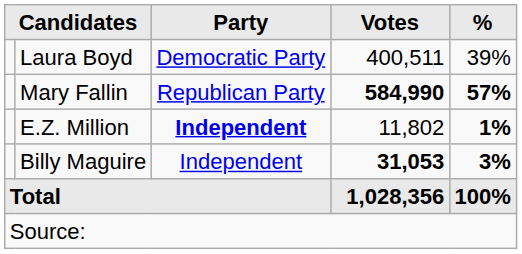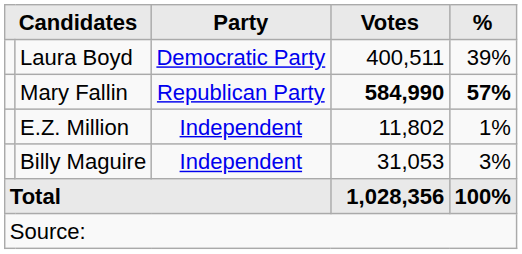 <table class=wikitable style="font-size:95%; text-align:right;">
 <tr>
 <th style="background:#e9e9e9; text-align:center;" colspan="2">Candidates</th>
 <th style="background:#e9e9e9; text-align:center;">Party</th>
 <th style="background:#e9e9e9; text-align:center;">Votes</th>
 <th style="background:#e9e9e9; text-align:center;">%</th>
 </tr>
 <tr>
 <td></td>
 <td align=left>Laura Boyd</td>
 <td align=center><a href='#'>Democratic Party</a></td>
 <td>400,511</td>
 <td>39%</td>
 </tr>
 <tr>
 <td></td>
 <td align=left>Mary Fallin</td>
 <td align=center><a href='#'>Republican Party</a></td>
 <td><strong>584,990</strong></td>
 <td><strong>57%</strong></td>
 </tr>
 <tr>
 <td></td>
 <td align=left>E.Z. Million</td>
-<td align=center><strong><a href='#'>Independent</a></strong></td>
+<td align=center><a href='#'>Independent</a></td>
 <td>11,802</td>
-<td><strong>1%</strong></td>
+<td>1%</td>
 </tr>
 <tr>
 <td></td>
 <td align=left>Billy Maguire</td>
 <td align=center><a href='#'>Independent</a></td>
-<td><strong>31,053</strong></td>
-<td><strong>3%</strong></td>
+<td>31,053</td>
+<td>3%</td>
 </tr>
 <tr style="background:#e9e9e9;">
 <td colspan="3" style="text-align:left; "><strong>Total</strong></td>
 <td style="text-align:right; width:75px; "><strong>1,028,356</strong></td>
 <td style="text-align:right; width:30px; "><strong>100%</strong></td>
 </tr>
 <tr>
 <td style="text-align:left;" colspan="6">Source: </td>
 </tr>
 </table>
